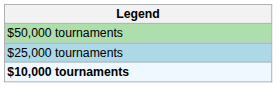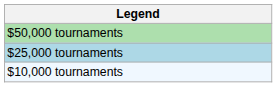 <table class="wikitable" style="font-size:85%; width:15%;">
 <tr>
 <th>Legend</th>
 </tr>
 <tr style="background:#addfad;">
 <td>$50,000 tournaments</td>
 </tr>
 <tr style="background:lightblue;">
 <td>$25,000 tournaments</td>
 </tr>
 <tr style="background:#f0f8ff;">
-<td><strong>$10,000 tournaments</strong></td>
+<td>$10,000 tournaments</td>
 </tr>
 </table>
